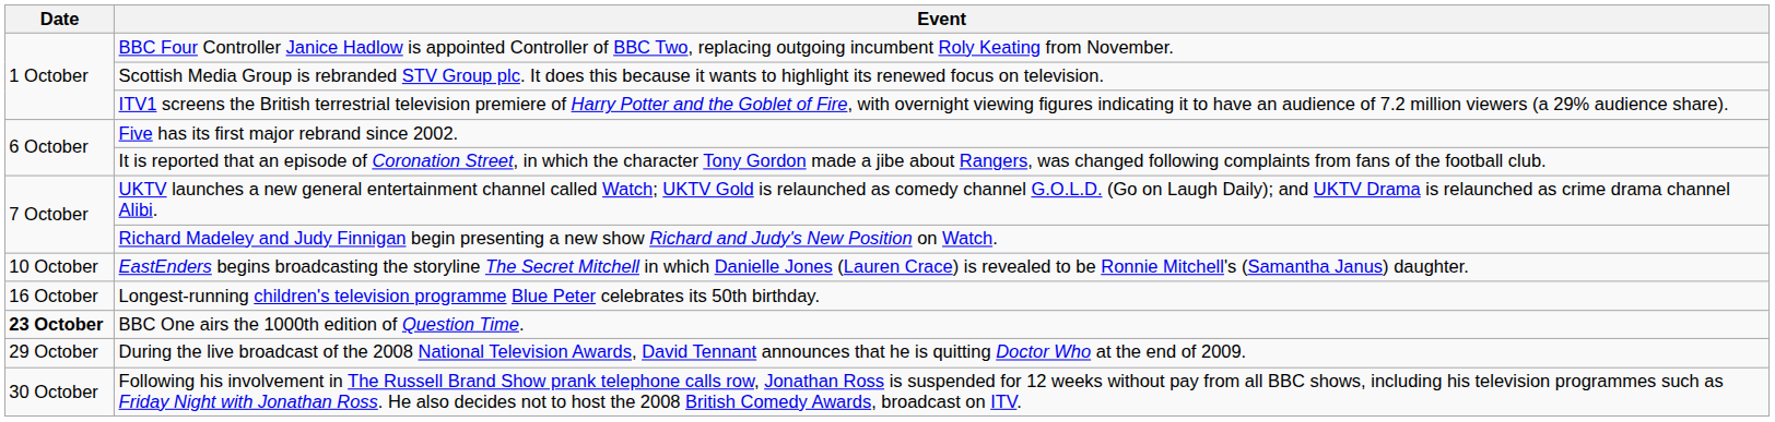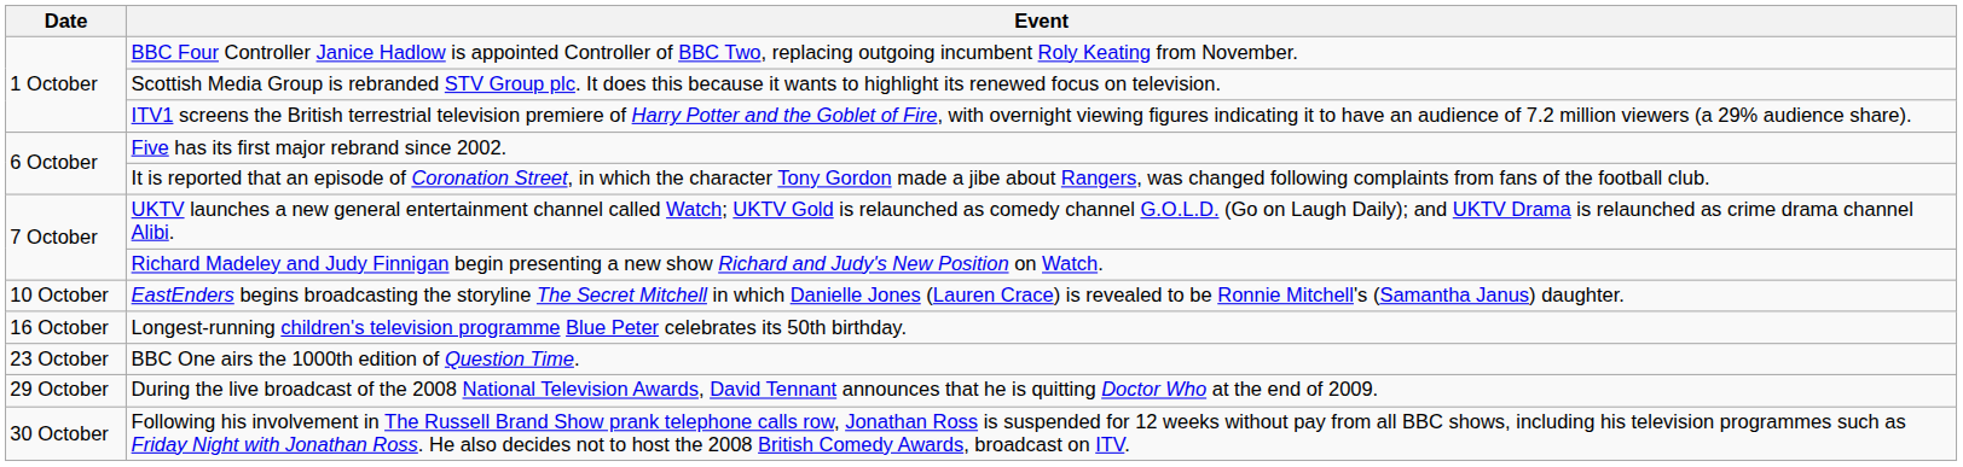 <table class="wikitable">
 <tr>
 <th width=90>Date</th>
 <th>Event</th>
 </tr>
 <tr>
 <td rowspan=3>1 October</td>
 <td><a href='#'>BBC Four</a> Controller <a href='#'>Janice Hadlow</a> is appointed Controller of <a href='#'>BBC Two</a>, replacing outgoing incumbent <a href='#'>Roly Keating</a> from November.</td>
 </tr>
 <tr>
 <td>Scottish Media Group is rebranded <a href='#'>STV Group plc</a>. It does this because it wants to highlight its renewed focus on television.</td>
 </tr>
 <tr>
 <td><a href='#'>ITV1</a> screens the British terrestrial television premiere of <em><a href='#'>Harry Potter and the Goblet of Fire</a></em>, with overnight viewing figures indicating it to have an audience of 7.2 million viewers (a 29% audience share).</td>
 </tr>
 <tr>
 <td rowspan=2>6 October</td>
 <td><a href='#'>Five</a> has its first major rebrand since 2002.</td>
 </tr>
 <tr>
 <td>It is reported that an episode of <em><a href='#'>Coronation Street</a></em>, in which the character <a href='#'>Tony Gordon</a> made a jibe about <a href='#'>Rangers</a>, was changed following complaints from fans of the football club.</td>
 </tr>
 <tr>
 <td rowspan=2>7 October</td>
 <td><a href='#'>UKTV</a> launches a new general entertainment channel called <a href='#'>Watch</a>; <a href='#'>UKTV Gold</a> is relaunched as comedy channel <a href='#'>G.O.L.D.</a> (Go on Laugh Daily); and <a href='#'>UKTV Drama</a> is relaunched as crime drama channel <a href='#'>Alibi</a>.</td>
 </tr>
 <tr>
 <td><a href='#'>Richard Madeley and Judy Finnigan</a> begin presenting a new show <em><a href='#'>Richard and Judy's New Position</a></em> on <a href='#'>Watch</a>.</td>
 </tr>
 <tr>
 <td>10 October</td>
 <td><em><a href='#'>EastEnders</a></em> begins broadcasting the storyline <em><a href='#'>The Secret Mitchell</a></em> in which <a href='#'>Danielle Jones</a> (<a href='#'>Lauren Crace</a>) is revealed to be <a href='#'>Ronnie Mitchell</a>'s (<a href='#'>Samantha Janus</a>) daughter.</td>
 </tr>
 <tr>
 <td>16 October</td>
 <td>Longest-running <a href='#'>children's television programme</a> <a href='#'>Blue Peter</a> celebrates its 50th birthday.</td>
 </tr>
 <tr>
-<td><strong>23 October</strong></td>
+<td>23 October</td>
 <td>BBC One airs the 1000th edition of <em><a href='#'>Question Time</a></em>.</td>
 </tr>
 <tr>
 <td>29 October</td>
 <td>During the live broadcast of the 2008 <a href='#'>National Television Awards</a>, <a href='#'>David Tennant</a> announces that he is quitting <em><a href='#'>Doctor Who</a></em> at the end of 2009.</td>
 </tr>
 <tr>
 <td>30 October</td>
 <td>Following his involvement in <a href='#'>The Russell Brand Show prank telephone calls row</a>, <a href='#'>Jonathan Ross</a> is suspended for 12 weeks without pay from all BBC shows, including his television programmes such as <em><a href='#'>Friday Night with Jonathan Ross</a></em>. He also decides not to host the 2008 <a href='#'>British Comedy Awards</a>, broadcast on <a href='#'>ITV</a>.</td>
 </tr>
 </table>
